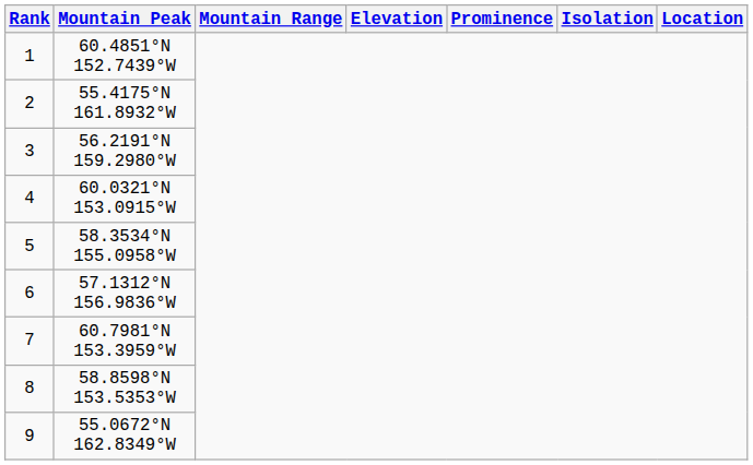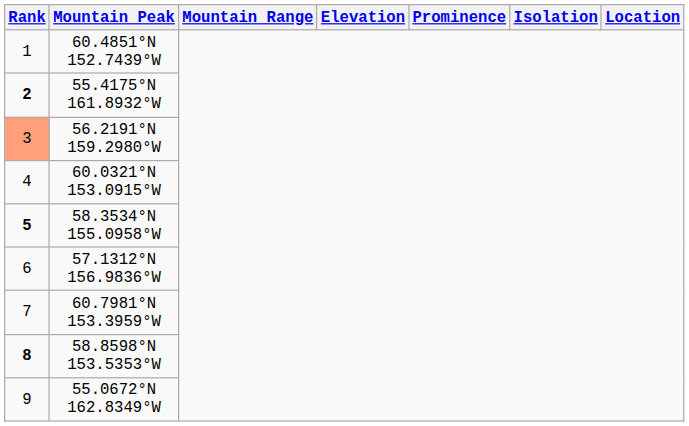 <table class="wikitable sortable">
 <tr>
 <th><a href='#'>Rank</a></th>
 <th><a href='#'>Mountain Peak</a></th>
 <th><a href='#'>Mountain Range</a></th>
 <th><a href='#'>Elevation</a></th>
 <th><a href='#'>Prominence</a></th>
 <th><a href='#'>Isolation</a></th>
 <th><a href='#'>Location</a></th>
 </tr>
 <tr>
 <td align=center>1<br>  </td>
 <td align=center>60.4851°N<br>152.7439°W</td>
 </tr>
 <tr>
-<td align=center>2<br>  </td>
+<td align=center><strong>2<br>  </strong></td>
 <td align=center>55.4175°N<br>161.8932°W</td>
 </tr>
 <tr>
-<td align=center>3<br>  </td>
+<td align=center style="background: lightsalmon;">3<br>  </td>
 <td align=center>56.2191°N<br>159.2980°W</td>
 </tr>
 <tr>
 <td align=center>4<br>  </td>
 <td align=center>60.0321°N<br>153.0915°W</td>
 </tr>
 <tr>
-<td align=center>5<br>  </td>
+<td align=center><strong>5<br>  </strong></td>
 <td align=center>58.3534°N<br>155.0958°W</td>
 </tr>
 <tr>
 <td align=center>6<br>  </td>
 <td align=center>57.1312°N<br>156.9836°W</td>
 </tr>
 <tr>
 <td align=center>7<br>  </td>
 <td align=center>60.7981°N<br>153.3959°W</td>
 </tr>
 <tr>
-<td align=center>8<br>  </td>
+<td align=center><strong>8<br>  </strong></td>
 <td align=center>58.8598°N<br>153.5353°W</td>
 </tr>
 <tr>
 <td align=center>9<br>  </td>
 <td align=center>55.0672°N<br>162.8349°W</td>
 </tr>
 </table>
